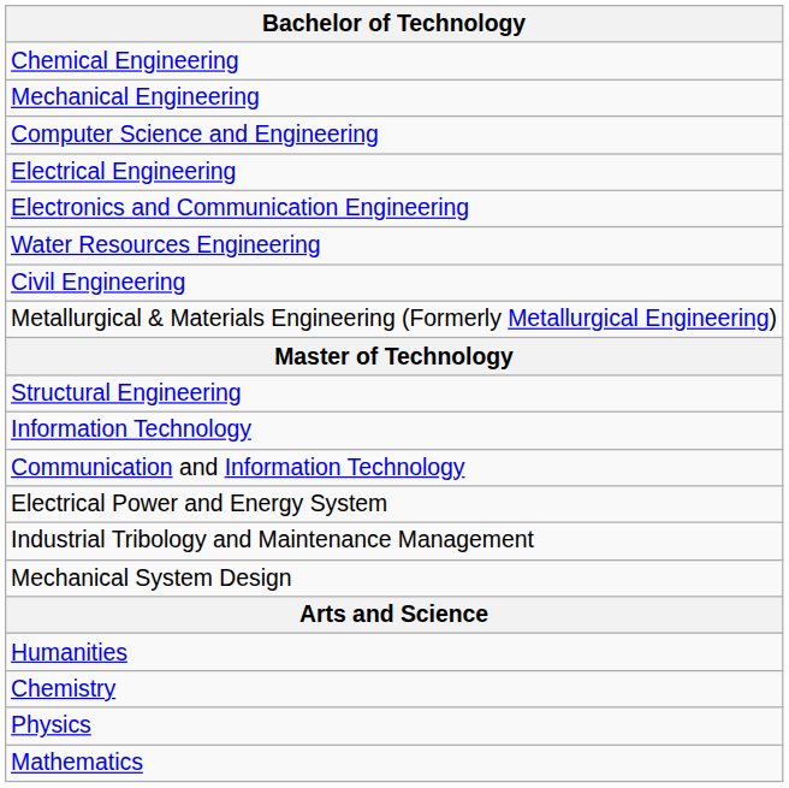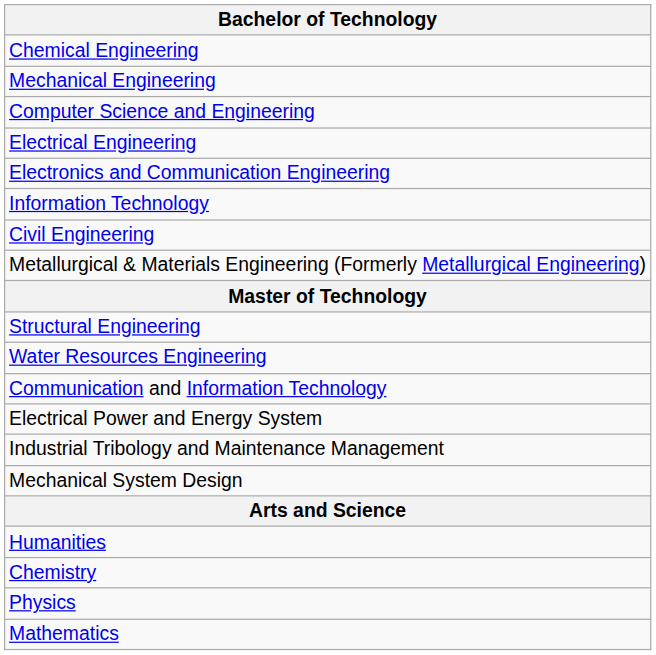 <table class="wikitable">
 <tr>
 <th scope="col">Bachelor of Technology</th>
 </tr>
 <tr>
 <td><a href='#'>Chemical Engineering</a></td>
 </tr>
 <tr>
 <td><a href='#'>Mechanical Engineering</a></td>
 </tr>
 <tr>
 <td><a href='#'>Computer Science and Engineering</a></td>
 </tr>
 <tr>
 <td><a href='#'>Electrical Engineering</a></td>
 </tr>
 <tr>
 <td><a href='#'>Electronics and Communication Engineering</a></td>
 </tr>
 <tr>
-<td><a href='#'>Water Resources Engineering</a></td>
+<td><a href='#'>Information Technology</a></td>
 </tr>
 <tr>
 <td><a href='#'>Civil Engineering</a></td>
 </tr>
 <tr>
 <td>Metallurgical & Materials Engineering (Formerly <a href='#'>Metallurgical Engineering</a>)</td>
 </tr>
 <tr>
 <th scope="col">Master of Technology</th>
 </tr>
 <tr>
 <td><a href='#'>Structural Engineering</a></td>
 </tr>
 <tr>
-<td><a href='#'>Information Technology</a></td>
+<td><a href='#'>Water Resources Engineering</a></td>
 </tr>
 <tr>
 <td><a href='#'>Communication</a> and <a href='#'>Information Technology</a></td>
 </tr>
 <tr>
 <td>Electrical Power and Energy System</td>
 </tr>
 <tr>
 <td>Industrial Tribology and Maintenance Management</td>
 </tr>
 <tr>
 <td>Mechanical System Design</td>
 </tr>
 <tr>
 <th scope="col">Arts and Science</th>
 </tr>
 <tr>
 <td><a href='#'>Humanities</a></td>
 </tr>
 <tr>
 <td><a href='#'>Chemistry</a></td>
 </tr>
 <tr>
 <td><a href='#'>Physics</a></td>
 </tr>
 <tr>
 <td><a href='#'>Mathematics</a></td>
 </tr>
 </table>
